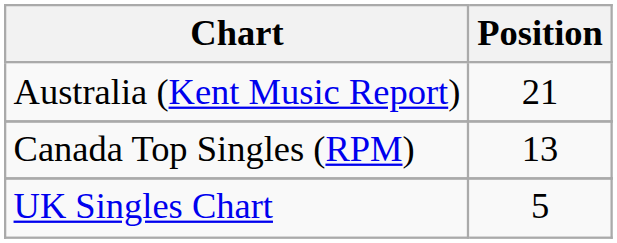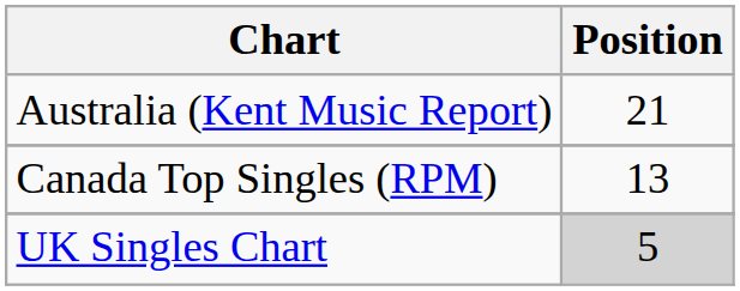 <table class="wikitable sortable">
 <tr>
 <th>Chart</th>
 <th>Position</th>
 </tr>
 <tr>
 <td>Australia (<a href='#'>Kent Music Report</a>)</td>
 <td align="center">21</td>
 </tr>
 <tr>
 </tr>
 <tr>
 <td>Canada Top Singles (<a href='#'>RPM</a>)</td>
 <td align="center">13</td>
 </tr>
 <tr>
 </tr>
 <tr>
 </tr>
 <tr>
 </tr>
 <tr>
 </tr>
 <tr>
 <td><a href='#'>UK Singles Chart</a></td>
-<td align="center">5</td>
+<td align="center" style="background: lightgrey;">5</td>
 </tr>
 </table>
